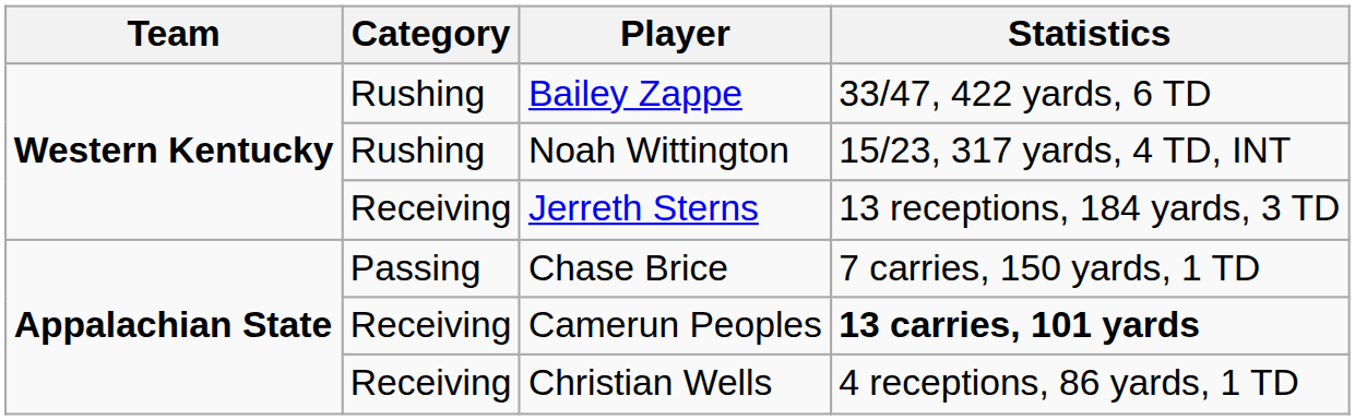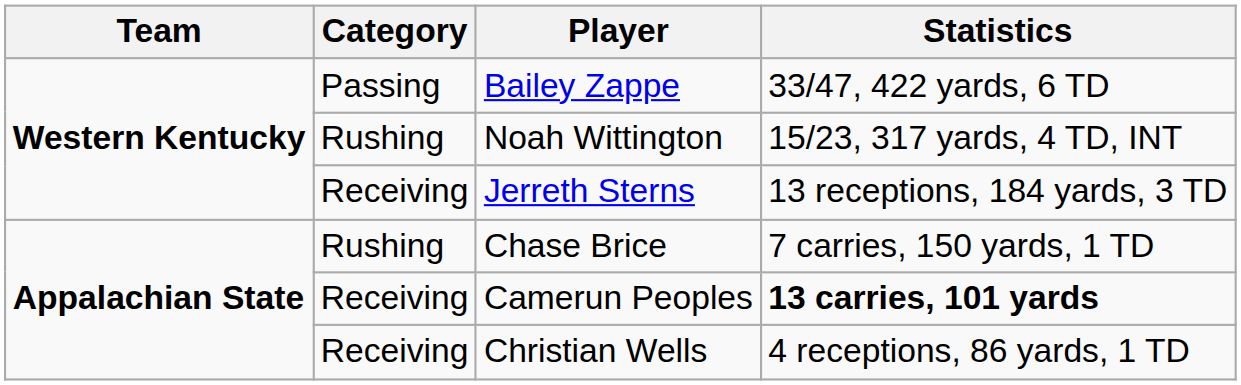 <table class="wikitable" style="float: left;">
 <tr>
 <th>Team</th>
 <th>Category</th>
 <th>Player</th>
 <th>Statistics</th>
 </tr>
 <tr>
 <td rowspan=3><strong>Western Kentucky</strong></td>
-<td>Rushing</td>
+<td>Passing</td>
 <td><a href='#'>Bailey Zappe</a></td>
 <td>33/47, 422 yards, 6 TD</td>
 </tr>
 <tr>
 <td>Rushing</td>
 <td>Noah Wittington</td>
 <td>15/23, 317 yards, 4 TD, INT</td>
 </tr>
 <tr>
 <td>Receiving</td>
 <td><a href='#'>Jerreth Sterns</a></td>
 <td>13 receptions, 184 yards, 3 TD</td>
 </tr>
 <tr>
 <td rowspan=3><strong>Appalachian State</strong></td>
-<td>Passing</td>
+<td>Rushing</td>
 <td>Chase Brice</td>
 <td>7 carries, 150 yards, 1 TD</td>
 </tr>
 <tr>
 <td>Receiving</td>
 <td>Camerun Peoples</td>
 <td><strong>13 carries, 101 yards</strong></td>
 </tr>
 <tr>
 <td>Receiving</td>
 <td>Christian Wells</td>
 <td>4 receptions, 86 yards, 1 TD</td>
 </tr>
 </table>
